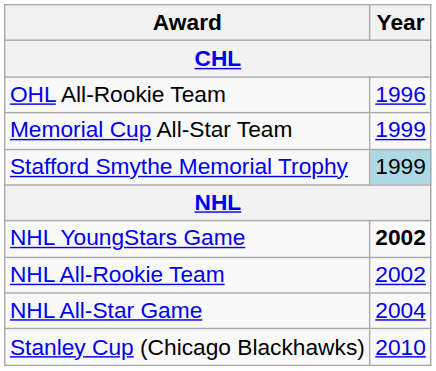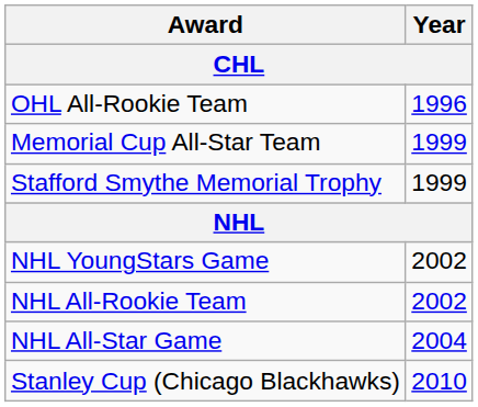 <table class="wikitable">
 <tr>
 <th>Award</th>
 <th>Year</th>
 </tr>
 <tr ALIGN="center" bgcolor="#e0e0e0">
 <th colspan="3"><a href='#'>CHL</a></th>
 </tr>
 <tr>
 <td><a href='#'>OHL</a> All-Rookie Team</td>
 <td><a href='#'>1996</a></td>
 </tr>
 <tr>
 <td><a href='#'>Memorial Cup</a> All-Star Team</td>
 <td><a href='#'>1999</a></td>
 </tr>
 <tr>
 <td><a href='#'>Stafford Smythe Memorial Trophy</a></td>
-<td style="background: lightblue;">1999</td>
+<td>1999</td>
 </tr>
 <tr ALIGN="center" bgcolor="#e0e0e0">
 <th colspan="3"><a href='#'>NHL</a></th>
 </tr>
 <tr>
 <td><a href='#'>NHL YoungStars Game</a></td>
-<td><strong>2002</strong></td>
+<td>2002</td>
 </tr>
 <tr>
 <td><a href='#'>NHL All-Rookie Team</a></td>
 <td><a href='#'>2002</a></td>
 </tr>
 <tr>
 <td><a href='#'>NHL All-Star Game</a></td>
 <td><a href='#'>2004</a></td>
 </tr>
 <tr>
 <td><a href='#'>Stanley Cup</a> (Chicago Blackhawks)</td>
 <td><a href='#'>2010</a></td>
 </tr>
 </table>
